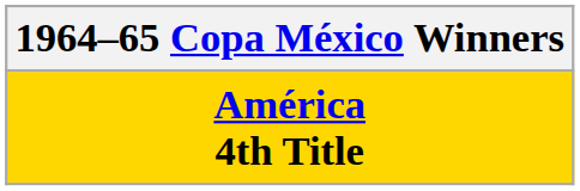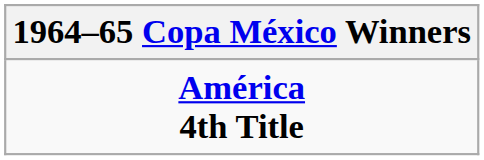 <table class="wikitable" style="text-align: center; margin: 0 auto;">
 <tr>
 <th>1964–65 <a href='#'>Copa México</a> Winners</th>
 </tr>
 <tr>
-<td style="background: gold;"><strong><a href='#'>América</a></strong><br><strong>4th Title</strong></td>
+<td><strong><a href='#'>América</a></strong><br><strong>4th Title</strong></td>
 </tr>
 </table>
